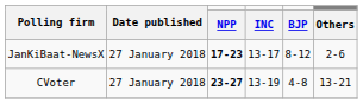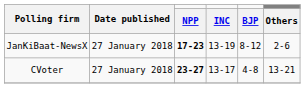 <table class="wikitable collapsible" style="text-align:center;font-size:85%;line-height:25px">
 <tr>
 <th class="wikitable" rowspan="2">Polling firm</th>
 <th class="wikitable" rowspan="2">Date published</th>
 <td></td>
 <td></td>
 <td></td>
 <td style="background:gray;"></td>
 </tr>
 <tr>
 <th class="wikitable"><a href='#'>NPP</a></th>
 <th class="wikitable"><a href='#'>INC</a></th>
 <th class="wikitable"><a href='#'>BJP</a></th>
 <th class="wikitable">Others</th>
 </tr>
 <tr>
 <td>JanKiBaat-NewsX</td>
 <td>27 January 2018</td>
 <td><strong>17-23</strong></td>
-<td>13-17</td>
+<td>13-19</td>
 <td>8-12</td>
 <td>2-6</td>
 </tr>
 <tr>
 <td>CVoter</td>
 <td>27 January 2018</td>
 <td><strong>23-27</strong></td>
-<td>13-19</td>
+<td>13-17</td>
 <td>4-8</td>
 <td>13-21</td>
 </tr>
 <tr>
 </tr>
 </table>
